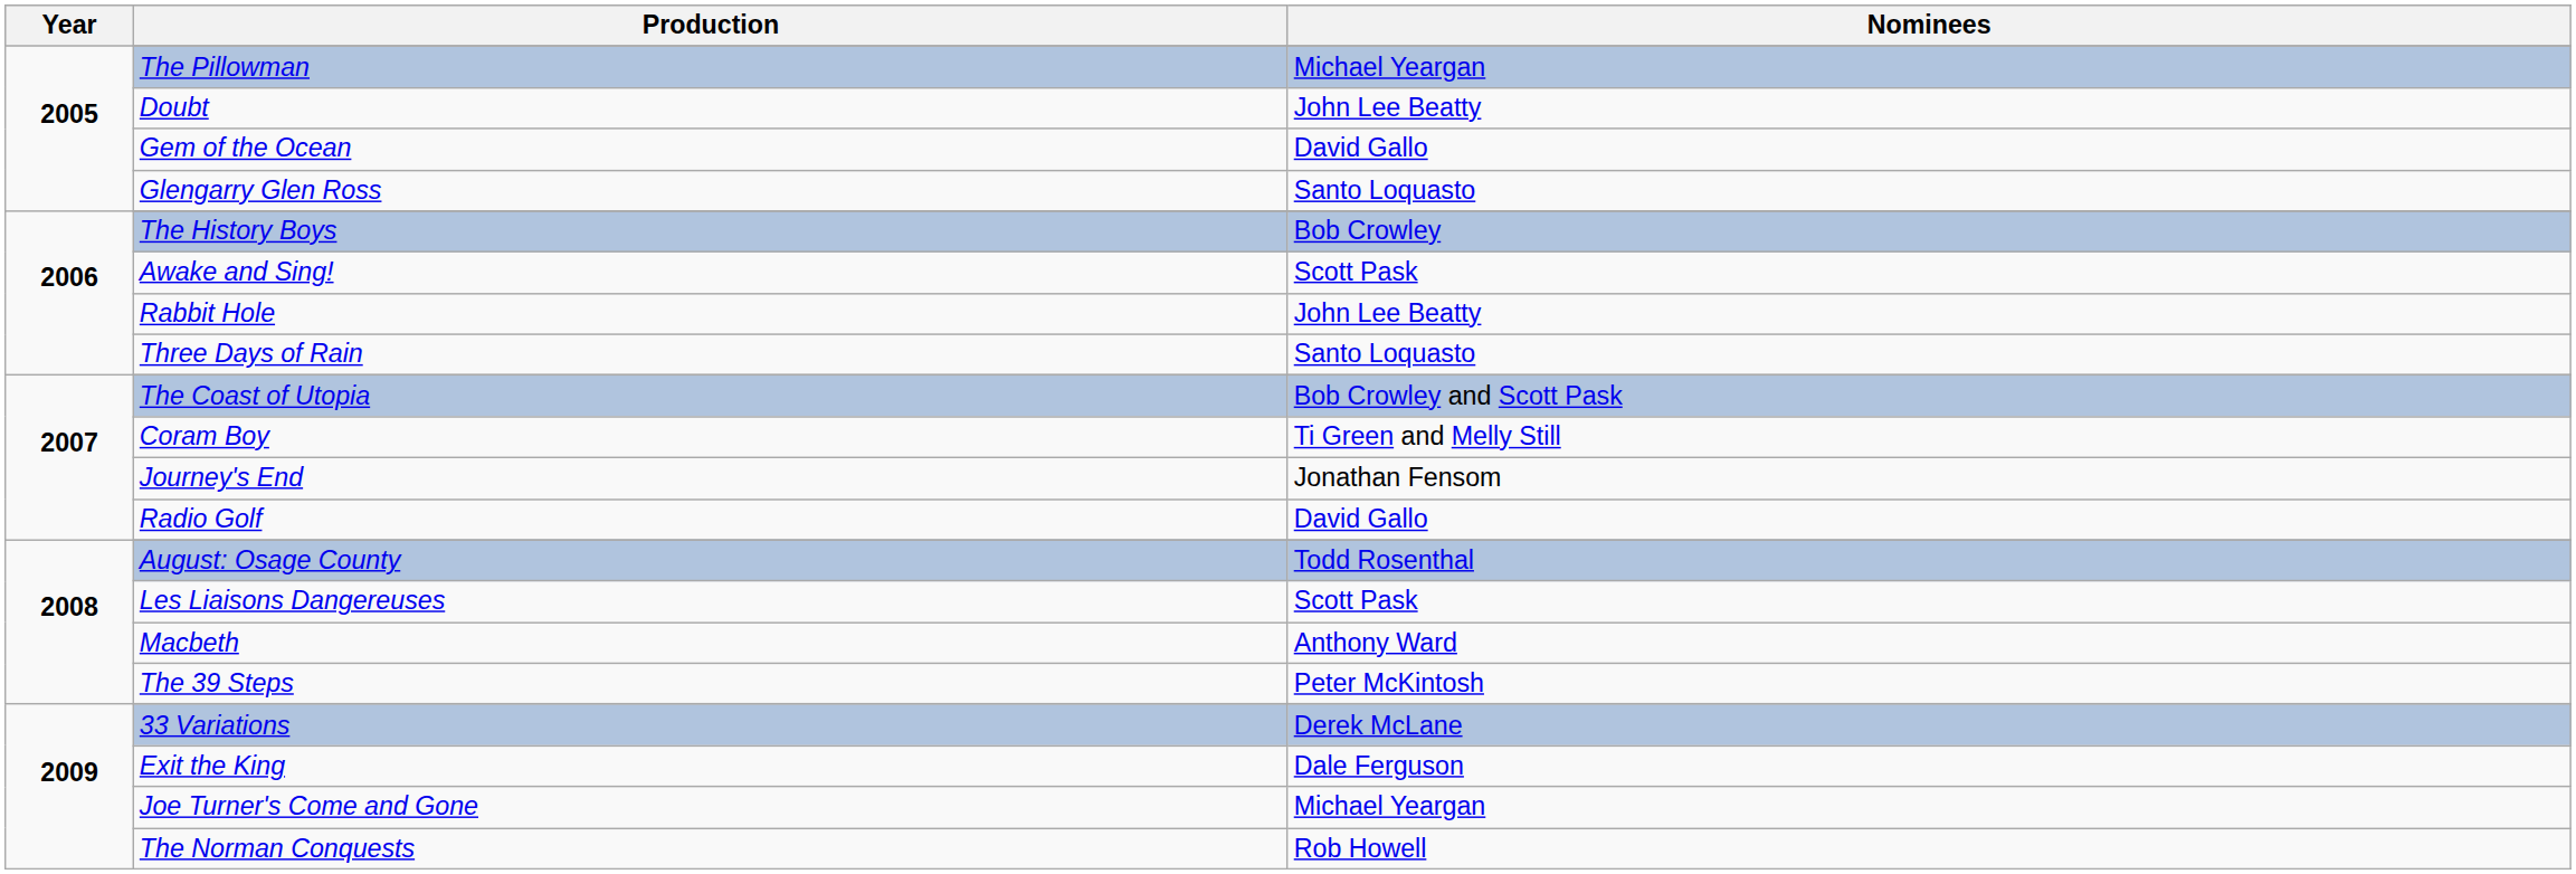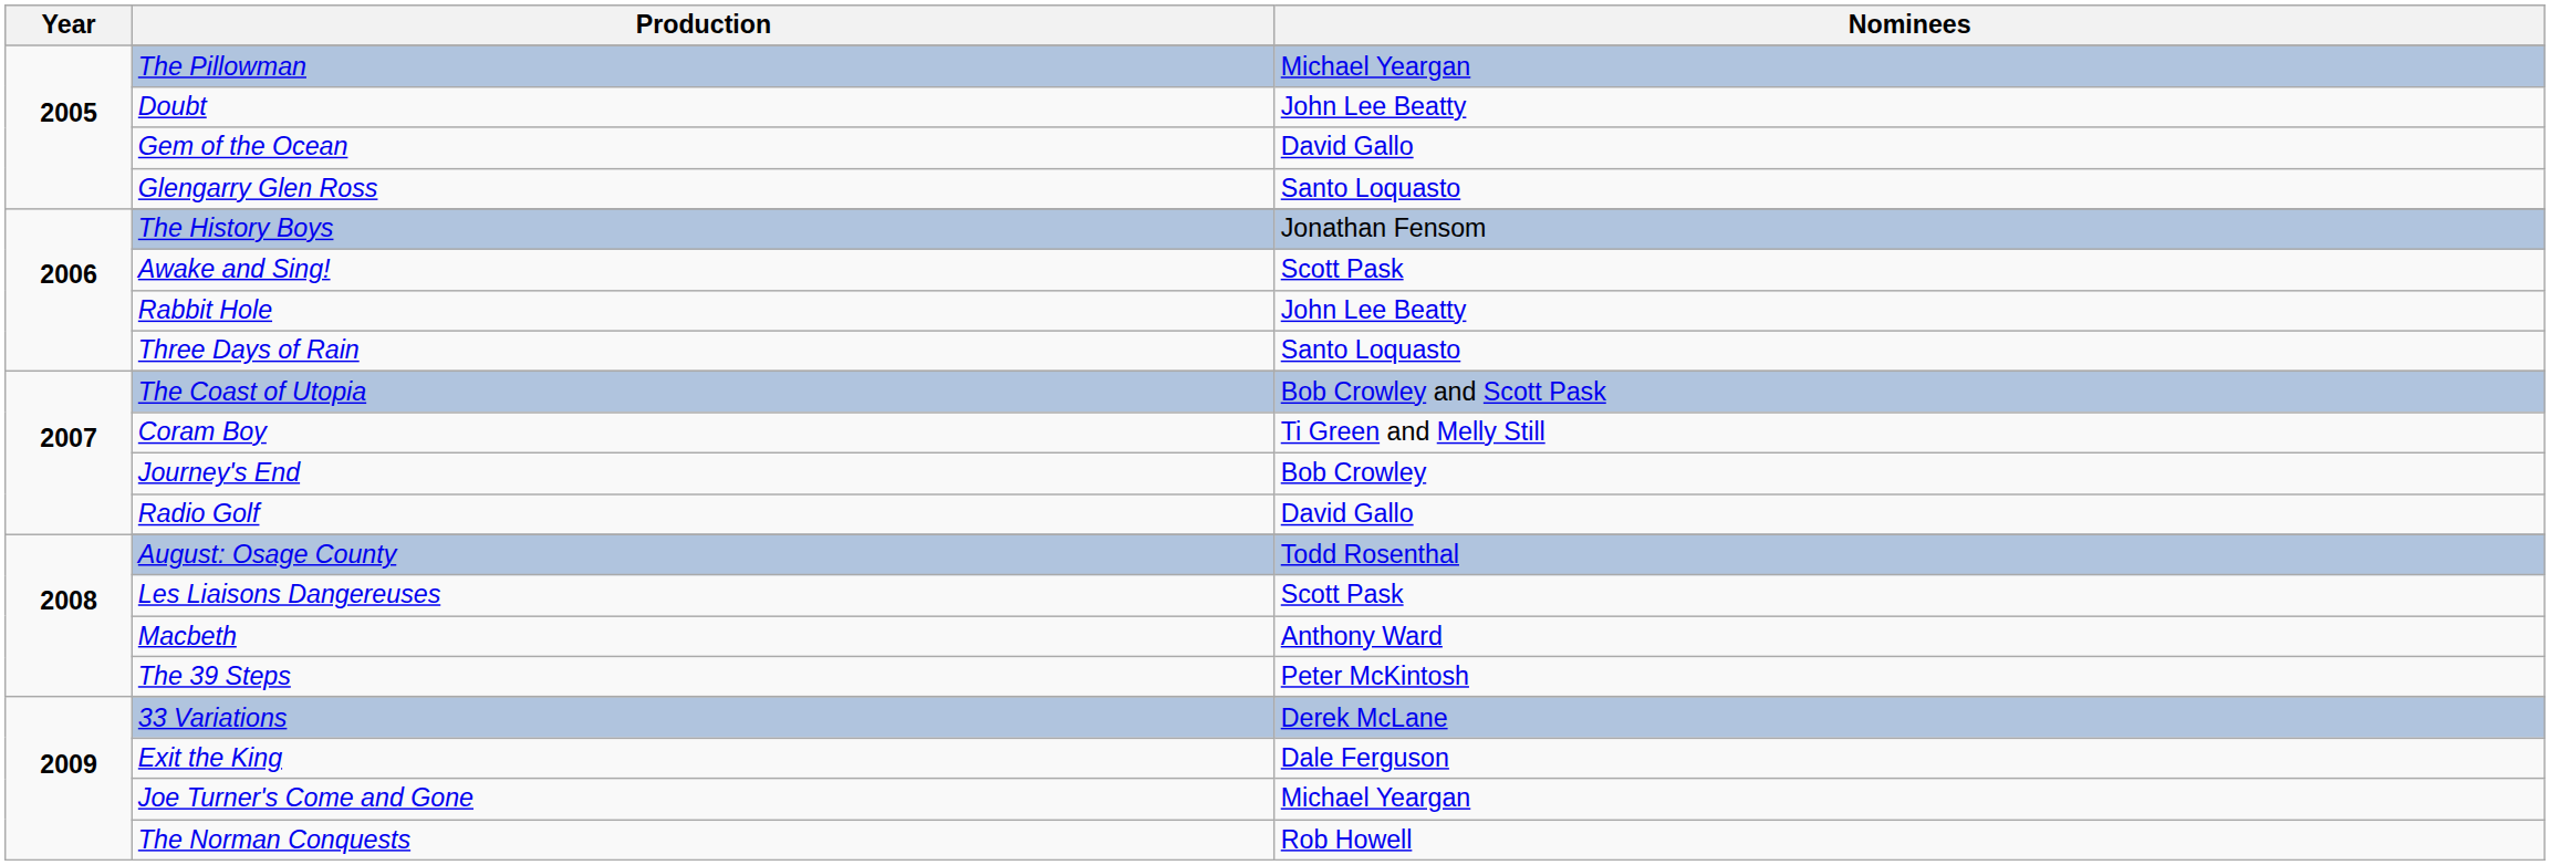 <table class="wikitable" style="width:100%;">
 <tr style="background:#bebebe;">
 <th style="width:5%;">Year</th>
 <th style="width:45%;”">Production</th>
 <th style="width:50%;”">Nominees</th>
 </tr>
 <tr>
 <td rowspan="5" align="center"><strong>2005</strong><br><br></td>
 </tr>
 <tr style="background:#B0C4DE">
 <td><em><a href='#'>The Pillowman</a></em></td>
 <td><a href='#'>Michael Yeargan</a></td>
 </tr>
 <tr>
 <td><em><a href='#'>Doubt</a></em></td>
 <td><a href='#'>John Lee Beatty</a></td>
 </tr>
 <tr>
 <td><em><a href='#'>Gem of the Ocean</a></em></td>
 <td><a href='#'>David Gallo</a></td>
 </tr>
 <tr>
 <td><em><a href='#'>Glengarry Glen Ross</a></em></td>
 <td><a href='#'>Santo Loquasto</a></td>
 </tr>
 <tr>
 <td rowspan="5" align="center"><strong>2006</strong><br><br></td>
 </tr>
 <tr style="background:#B0C4DE">
 <td><em><a href='#'>The History Boys</a></em></td>
-<td><a href='#'>Bob Crowley</a></td>
+<td>Jonathan Fensom</td>
 </tr>
 <tr>
 <td><em><a href='#'>Awake and Sing!</a></em></td>
 <td><a href='#'>Scott Pask</a></td>
 </tr>
 <tr>
 <td><em><a href='#'>Rabbit Hole</a></em></td>
 <td><a href='#'>John Lee Beatty</a></td>
 </tr>
 <tr>
 <td><em><a href='#'>Three Days of Rain</a></em></td>
 <td><a href='#'>Santo Loquasto</a></td>
 </tr>
 <tr>
 <td rowspan="5" align="center"><strong>2007</strong><br><br></td>
 </tr>
 <tr style="background:#B0C4DE">
 <td><em><a href='#'>The Coast of Utopia</a></em></td>
 <td><a href='#'>Bob Crowley</a> and <a href='#'>Scott Pask</a></td>
 </tr>
 <tr>
 <td><em><a href='#'>Coram Boy</a></em></td>
 <td><a href='#'>Ti Green</a> and <a href='#'>Melly Still</a></td>
 </tr>
 <tr>
 <td><em><a href='#'>Journey's End</a></em></td>
-<td>Jonathan Fensom</td>
+<td><a href='#'>Bob Crowley</a></td>
 </tr>
 <tr>
 <td><em><a href='#'>Radio Golf</a></em></td>
 <td><a href='#'>David Gallo</a></td>
 </tr>
 <tr>
 <td rowspan="5" align="center"><strong>2008</strong><br><br></td>
 </tr>
 <tr style="background:#B0C4DE">
 <td><em><a href='#'>August: Osage County</a></em></td>
 <td><a href='#'>Todd Rosenthal</a></td>
 </tr>
 <tr>
 <td><em><a href='#'>Les Liaisons Dangereuses</a></em></td>
 <td><a href='#'>Scott Pask</a></td>
 </tr>
 <tr>
 <td><em><a href='#'>Macbeth</a></em></td>
 <td><a href='#'>Anthony Ward</a></td>
 </tr>
 <tr>
 <td><em><a href='#'>The 39 Steps</a></em></td>
 <td><a href='#'>Peter McKintosh</a></td>
 </tr>
 <tr>
 <td rowspan="5" align="center"><strong>2009</strong><br><br></td>
 </tr>
 <tr style="background:#B0C4DE">
 <td><em><a href='#'>33 Variations</a></em></td>
 <td><a href='#'>Derek McLane</a></td>
 </tr>
 <tr>
 <td><em><a href='#'>Exit the King</a></em></td>
 <td><a href='#'>Dale Ferguson</a></td>
 </tr>
 <tr>
 <td><em><a href='#'>Joe Turner's Come and Gone</a></em></td>
 <td><a href='#'>Michael Yeargan</a></td>
 </tr>
 <tr>
 <td><em><a href='#'>The Norman Conquests</a></em></td>
 <td><a href='#'>Rob Howell</a></td>
 </tr>
 <tr>
 </tr>
 </table>
